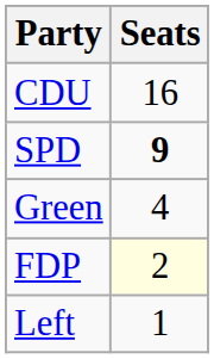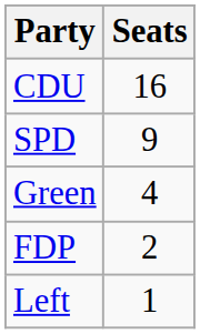 <table class="wikitable">
 <tr>
 <th>Party</th>
 <th>Seats</th>
 </tr>
 <tr>
 <td><a href='#'>CDU</a></td>
 <td align="center">16</td>
 </tr>
 <tr>
 <td><a href='#'>SPD</a></td>
-<td align="center"><strong>9</strong></td>
+<td align="center">9</td>
 </tr>
 <tr>
 <td><a href='#'>Green</a></td>
 <td align="center">4</td>
 </tr>
 <tr>
 <td><a href='#'>FDP</a></td>
-<td align="center" style="background: lightyellow;">2</td>
+<td align="center">2</td>
 </tr>
 <tr>
 <td><a href='#'>Left</a></td>
 <td align="center">1</td>
 </tr>
 </table>
